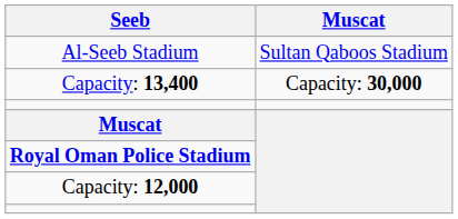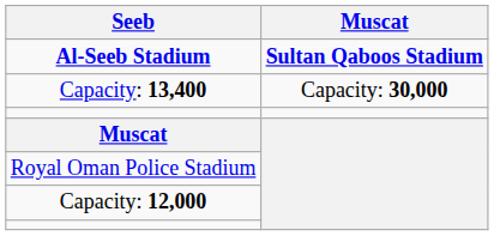 <table class="wikitable" style="text-align:center;margin: 1em auto;">
 <tr>
 <th><a href='#'>Seeb</a></th>
 <th><a href='#'>Muscat</a></th>
 </tr>
 <tr>
-<td><a href='#'>Al-Seeb Stadium</a></td>
-<td><a href='#'>Sultan Qaboos Stadium</a></td>
+<td><strong><a href='#'>Al-Seeb Stadium</a></strong></td>
+<td><strong><a href='#'>Sultan Qaboos Stadium</a></strong></td>
 </tr>
 <tr>
 <td><a href='#'>Capacity</a>: <strong>13,400</strong></td>
 <td>Capacity: <strong>30,000</strong></td>
 </tr>
 <tr>
 <td></td>
 <td></td>
 </tr>
 <tr>
 <th><a href='#'>Muscat</a></th>
 <th rowspan=4 colspan=2></th>
 </tr>
 <tr>
-<td><strong><a href='#'>Royal Oman Police Stadium</a></strong></td>
+<td><a href='#'>Royal Oman Police Stadium</a></td>
 </tr>
 <tr>
 <td>Capacity: <strong>12,000</strong></td>
 </tr>
 <tr>
 <td></td>
 </tr>
 </table>
